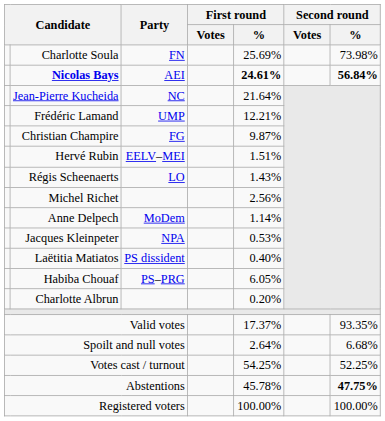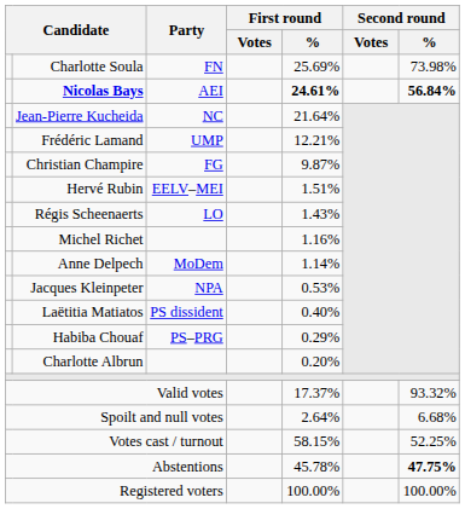 <table class="wikitable" style="text-align:right;font-size:95%;">
 <tr>
 <th rowspan=2 colspan=2>Candidate</th>
 <th rowspan=2 colspan=1>Party</th>
 <th colspan=2>First round</th>
 <th colspan=2>Second round</th>
 </tr>
 <tr>
 <th style="width:50px;">Votes</th>
 <th style="width:55px;">%</th>
 <th style="width:50px;">Votes</th>
 <th style="width:55px;">%</th>
 </tr>
 <tr>
 <td style="color:inherit;background-color:"></td>
 <td>Charlotte Soula</td>
 <td><a href='#'>FN</a></td>
 <td></td>
 <td>25.69%</td>
 <td></td>
 <td>73.98%</td>
 </tr>
 <tr>
 <td style="color:inherit;background-color:"></td>
 <td><strong><a href='#'>Nicolas Bays</a></strong></td>
 <td><a href='#'>AEI</a></td>
 <td></td>
 <td><strong>24.61%</strong></td>
 <td><strong></strong></td>
 <td><strong>56.84%</strong></td>
 </tr>
 <tr>
 <td style="color:inherit;background-color:"></td>
 <td><a href='#'>Jean-Pierre Kucheida</a></td>
 <td><a href='#'>NC</a></td>
 <td></td>
 <td>21.64%</td>
 <td colspan=7 rowspan=11 style="background-color:#E9E9E9;"></td>
 </tr>
 <tr>
 <td style="color:inherit;background-color:"></td>
 <td>Frédéric Lamand</td>
 <td><a href='#'>UMP</a></td>
 <td></td>
 <td>12.21%</td>
 </tr>
 <tr>
 <td style="color:inherit;background-color:"></td>
 <td>Christian Champire</td>
 <td><a href='#'>FG</a></td>
 <td></td>
 <td>9.87%</td>
 </tr>
 <tr>
 <td style="color:inherit;background-color:"></td>
 <td>Hervé Rubin</td>
 <td><a href='#'>EELV</a>–<a href='#'>MEI</a></td>
 <td></td>
 <td>1.51%</td>
 </tr>
 <tr>
 <td style="color:inherit;background-color:"></td>
 <td>Régis Scheenaerts</td>
 <td><a href='#'>LO</a></td>
 <td></td>
 <td>1.43%</td>
 </tr>
 <tr>
 <td style="color:inherit;background-color:"></td>
 <td>Michel Richet</td>
 <td></td>
 <td></td>
-<td>2.56%</td>
+<td>1.16%</td>
 </tr>
 <tr>
 <td style="color:inherit;background-color:"></td>
 <td>Anne Delpech</td>
 <td><a href='#'>MoDem</a></td>
 <td></td>
 <td>1.14%</td>
 </tr>
 <tr>
 <td style="color:inherit;background-color:"></td>
 <td>Jacques Kleinpeter</td>
 <td><a href='#'>NPA</a></td>
 <td></td>
 <td>0.53%</td>
 </tr>
 <tr>
 <td style="color:inherit;background-color:"></td>
 <td>Laëtitia Matiatos</td>
 <td><a href='#'>PS dissident</a></td>
 <td></td>
 <td>0.40%</td>
 </tr>
 <tr>
 <td style="color:inherit;background-color:"></td>
 <td>Habiba Chouaf</td>
 <td><a href='#'>PS</a>–<a href='#'>PRG</a></td>
 <td></td>
-<td>6.05%</td>
+<td>0.29%</td>
 </tr>
 <tr>
 <td style="color:inherit;background-color:"></td>
 <td>Charlotte Albrun</td>
 <td> </td>
 <td></td>
 <td>0.20%</td>
 </tr>
 <tr>
 <td colspan=7 style="background-color:#E9E9E9;"></td>
 </tr>
 <tr>
 <td colspan=3>Valid votes</td>
 <td></td>
 <td>17.37%</td>
 <td></td>
-<td>93.35%</td>
+<td>93.32%</td>
 </tr>
 <tr>
 <td colspan=3>Spoilt and null votes</td>
 <td></td>
 <td>2.64%</td>
 <td></td>
 <td>6.68%</td>
 </tr>
 <tr>
 <td colspan=3>Votes cast / turnout</td>
 <td></td>
-<td>54.25%</td>
+<td>58.15%</td>
 <td></td>
 <td>52.25%</td>
 </tr>
 <tr>
 <td colspan=3>Abstentions</td>
 <td></td>
 <td>45.78%</td>
 <td></td>
 <td><strong>47.75%</strong></td>
 </tr>
 <tr>
 <td colspan=3>Registered voters</td>
 <td></td>
 <td>100.00%</td>
 <td></td>
 <td>100.00%</td>
 </tr>
 </table>
